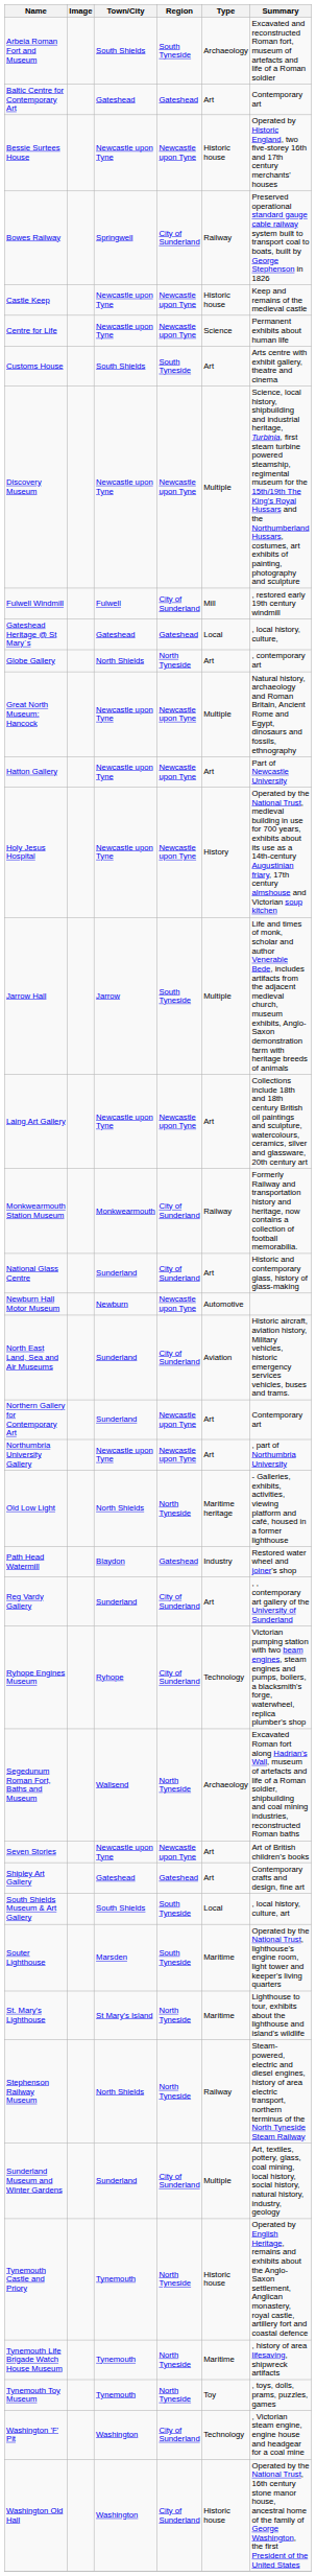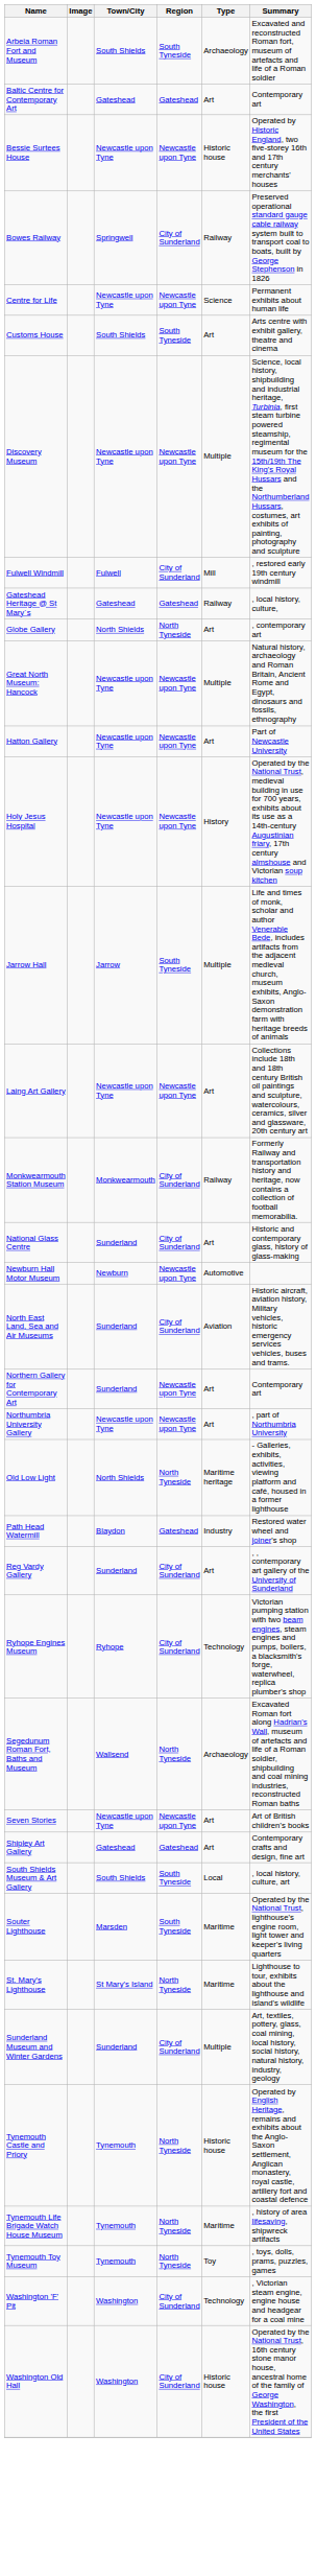 <table class="wikitable sortable">
 <tr>
 <th>Name</th>
 <th>Image</th>
 <th>Town/City</th>
 <th>Region</th>
 <th>Type</th>
 <th>Summary</th>
 </tr>
 <tr>
 <td><a href='#'>Arbeia Roman Fort and Museum</a></td>
 <td></td>
 <td><a href='#'>South Shields</a></td>
 <td><a href='#'>South Tyneside</a></td>
 <td>Archaeology</td>
 <td>Excavated and reconstructed Roman fort, museum of artefacts and life of a Roman soldier</td>
 </tr>
 <tr>
 <td><a href='#'>Baltic Centre for Contemporary Art</a></td>
 <td></td>
 <td><a href='#'>Gateshead</a></td>
 <td><a href='#'>Gateshead</a></td>
 <td>Art</td>
 <td>Contemporary art</td>
 </tr>
 <tr>
 <td><a href='#'>Bessie Surtees House</a></td>
 <td></td>
 <td><a href='#'>Newcastle upon Tyne</a></td>
 <td><a href='#'>Newcastle upon Tyne</a></td>
 <td>Historic house</td>
 <td>Operated by <a href='#'>Historic England</a>, two five-storey 16th and 17th century merchants' houses</td>
 </tr>
 <tr>
 <td><a href='#'>Bowes Railway</a></td>
 <td></td>
 <td><a href='#'>Springwell</a></td>
 <td><a href='#'>City of Sunderland</a></td>
 <td>Railway</td>
 <td>Preserved operational <a href='#'>standard gauge</a> <a href='#'>cable railway</a> system built to transport coal to boats, built by <a href='#'>George Stephenson</a> in 1826</td>
 </tr>
 <tr>
-<td><a href='#'>Castle Keep</a></td>
-<td></td>
-<td><a href='#'>Newcastle upon Tyne</a></td>
-<td><a href='#'>Newcastle upon Tyne</a></td>
-<td>Historic house</td>
-<td>Keep and remains of the medieval castle</td>
-</tr>
-<tr>
 <td><a href='#'>Centre for Life</a></td>
 <td></td>
 <td><a href='#'>Newcastle upon Tyne</a></td>
 <td><a href='#'>Newcastle upon Tyne</a></td>
 <td>Science</td>
 <td>Permanent exhibits about human life</td>
 </tr>
 <tr>
 <td><a href='#'>Customs House</a></td>
 <td></td>
 <td><a href='#'>South Shields</a></td>
 <td><a href='#'>South Tyneside</a></td>
 <td>Art</td>
 <td>Arts centre with exhibit gallery, theatre and cinema</td>
 </tr>
 <tr>
 <td><a href='#'>Discovery Museum</a></td>
 <td></td>
 <td><a href='#'>Newcastle upon Tyne</a></td>
 <td><a href='#'>Newcastle upon Tyne</a></td>
 <td>Multiple</td>
 <td>Science, local history, shipbuilding and industrial heritage, <em><a href='#'>Turbinia</a></em>, first steam turbine powered steamship, regimental museum for the <a href='#'>15th/19th The King's Royal Hussars</a> and the <a href='#'>Northumberland Hussars</a>, costumes, art exhibits of painting, photography and sculpture</td>
 </tr>
 <tr>
 <td><a href='#'>Fulwell Windmill</a></td>
 <td></td>
 <td><a href='#'>Fulwell</a></td>
 <td><a href='#'>City of Sunderland</a></td>
 <td>Mill</td>
 <td>, restored early 19th century windmill</td>
 </tr>
 <tr>
 <td><a href='#'>Gateshead Heritage @ St Mary`s</a></td>
 <td></td>
 <td><a href='#'>Gateshead</a></td>
 <td><a href='#'>Gateshead</a></td>
-<td>Local</td>
+<td>Railway</td>
 <td>, local history, culture,</td>
 </tr>
 <tr>
 <td><a href='#'>Globe Gallery</a></td>
 <td></td>
 <td><a href='#'>North Shields</a></td>
 <td><a href='#'>North Tyneside</a></td>
 <td>Art</td>
 <td>, contemporary art</td>
 </tr>
 <tr>
 <td><a href='#'>Great North Museum: Hancock</a></td>
 <td></td>
 <td><a href='#'>Newcastle upon Tyne</a></td>
 <td><a href='#'>Newcastle upon Tyne</a></td>
 <td>Multiple</td>
 <td>Natural history, archaeology and Roman Britain, Ancient Rome and Egypt, dinosaurs and fossils, ethnography</td>
 </tr>
 <tr>
 <td><a href='#'>Hatton Gallery</a></td>
 <td></td>
 <td><a href='#'>Newcastle upon Tyne</a></td>
 <td><a href='#'>Newcastle upon Tyne</a></td>
 <td>Art</td>
 <td>Part of <a href='#'>Newcastle University</a></td>
 </tr>
 <tr>
 <td><a href='#'>Holy Jesus Hospital</a></td>
 <td></td>
 <td><a href='#'>Newcastle upon Tyne</a></td>
 <td><a href='#'>Newcastle upon Tyne</a></td>
 <td>History</td>
 <td>Operated by the <a href='#'>National Trust</a>, medieval building in use for 700 years, exhibits about its use as a 14th-century <a href='#'>Augustinian</a> <a href='#'>friary</a>, 17th century <a href='#'>almshouse</a> and Victorian <a href='#'>soup kitchen</a></td>
 </tr>
 <tr>
 <td><a href='#'>Jarrow Hall</a></td>
 <td></td>
 <td><a href='#'>Jarrow</a></td>
 <td><a href='#'>South Tyneside</a></td>
 <td>Multiple</td>
 <td>Life and times of monk, scholar and author <a href='#'>Venerable Bede</a>, includes artifacts from the adjacent medieval church, museum exhibits, Anglo-Saxon demonstration farm with heritage breeds of animals</td>
 </tr>
 <tr>
 <td><a href='#'>Laing Art Gallery</a></td>
 <td></td>
 <td><a href='#'>Newcastle upon Tyne</a></td>
 <td><a href='#'>Newcastle upon Tyne</a></td>
 <td>Art</td>
 <td>Collections include 18th and 18th century British oil paintings and sculpture, watercolours, ceramics, silver and glassware, 20th century art</td>
 </tr>
 <tr>
 <td><a href='#'>Monkwearmouth Station Museum</a></td>
 <td></td>
 <td><a href='#'>Monkwearmouth</a></td>
 <td><a href='#'>City of Sunderland</a></td>
 <td>Railway</td>
 <td>Formerly Railway and transportation history and heritage, now contains a collection of football memorabilia.</td>
 </tr>
 <tr>
 <td><a href='#'>National Glass Centre</a></td>
 <td></td>
 <td><a href='#'>Sunderland</a></td>
 <td><a href='#'>City of Sunderland</a></td>
 <td>Art</td>
 <td>Historic and contemporary glass, history of glass-making</td>
 </tr>
 <tr>
 <td><a href='#'>Newburn Hall Motor Museum</a></td>
 <td></td>
 <td><a href='#'>Newburn</a></td>
 <td><a href='#'>Newcastle upon Tyne</a></td>
 <td>Automotive</td>
 <td></td>
 </tr>
 <tr>
 <td><a href='#'>North East Land, Sea and Air Museums</a></td>
 <td></td>
 <td><a href='#'>Sunderland</a></td>
 <td><a href='#'>City of Sunderland</a></td>
 <td>Aviation</td>
 <td>Historic aircraft, aviation history, Military vehicles, historic emergency services vehicles, buses and trams.</td>
 </tr>
 <tr>
 <td><a href='#'>Northern Gallery for Contemporary Art</a></td>
 <td></td>
 <td><a href='#'>Sunderland</a></td>
 <td><a href='#'>Newcastle upon Tyne</a></td>
 <td>Art</td>
 <td>Contemporary art</td>
 </tr>
 <tr>
 <td><a href='#'>Northumbria University Gallery</a></td>
 <td></td>
 <td><a href='#'>Newcastle upon Tyne</a></td>
 <td><a href='#'>Newcastle upon Tyne</a></td>
 <td>Art</td>
 <td>, part of <a href='#'>Northumbria University</a></td>
 </tr>
 <tr>
 <td><a href='#'>Old Low Light</a></td>
 <td></td>
 <td><a href='#'>North Shields</a></td>
 <td><a href='#'>North Tyneside</a></td>
 <td>Maritime heritage</td>
 <td> - Galleries, exhibits, activities, viewing platform and café, housed in a former lighthouse</td>
 </tr>
 <tr>
 <td><a href='#'>Path Head Watermill</a></td>
 <td></td>
 <td><a href='#'>Blaydon</a></td>
 <td><a href='#'>Gateshead</a></td>
 <td>Industry</td>
 <td>Restored water wheel and <a href='#'>joiner</a>'s shop</td>
 </tr>
 <tr>
 <td><a href='#'>Reg Vardy Gallery</a></td>
 <td></td>
 <td><a href='#'>Sunderland</a></td>
 <td><a href='#'>City of Sunderland</a></td>
 <td>Art</td>
 <td>, , contemporary art gallery of the <a href='#'>University of Sunderland</a></td>
 </tr>
 <tr>
 <td><a href='#'>Ryhope Engines Museum</a></td>
 <td></td>
 <td><a href='#'>Ryhope</a></td>
 <td><a href='#'>City of Sunderland</a></td>
 <td>Technology</td>
 <td>Victorian pumping station with two <a href='#'>beam engines</a>, steam engines and pumps, boilers, a blacksmith's forge, waterwheel, replica plumber's shop</td>
 </tr>
 <tr>
 <td><a href='#'>Segedunum Roman Fort, Baths and Museum</a></td>
 <td></td>
 <td><a href='#'>Wallsend</a></td>
 <td><a href='#'>North Tyneside</a></td>
 <td>Archaeology</td>
 <td>Excavated Roman fort along <a href='#'>Hadrian's Wall</a>, museum of artefacts and life of a Roman soldier, shipbuilding and coal mining industries, reconstructed Roman baths</td>
 </tr>
 <tr>
 <td><a href='#'>Seven Stories</a></td>
 <td></td>
 <td><a href='#'>Newcastle upon Tyne</a></td>
 <td><a href='#'>Newcastle upon Tyne</a></td>
 <td>Art</td>
 <td>Art of British children’s books</td>
 </tr>
 <tr>
 <td><a href='#'>Shipley Art Gallery</a></td>
 <td></td>
 <td><a href='#'>Gateshead</a></td>
 <td><a href='#'>Gateshead</a></td>
 <td>Art</td>
 <td>Contemporary crafts and design, fine art</td>
 </tr>
 <tr>
 <td><a href='#'>South Shields Museum & Art Gallery</a></td>
 <td></td>
 <td><a href='#'>South Shields</a></td>
 <td><a href='#'>South Tyneside</a></td>
 <td>Local</td>
 <td>, local history, culture, art</td>
 </tr>
 <tr>
 <td><a href='#'>Souter Lighthouse</a></td>
 <td></td>
 <td><a href='#'>Marsden</a></td>
 <td><a href='#'>South Tyneside</a></td>
 <td>Maritime</td>
 <td>Operated by the <a href='#'>National Trust</a>, lighthouse's engine room, light tower and keeper's living quarters</td>
 </tr>
 <tr>
 <td><a href='#'>St. Mary's Lighthouse</a></td>
 <td></td>
 <td><a href='#'>St Mary's Island</a></td>
 <td><a href='#'>North Tyneside</a></td>
 <td>Maritime</td>
 <td>Lighthouse to tour, exhibits about the lighthouse and island's wildlife</td>
 </tr>
 <tr>
-<td><a href='#'>Stephenson Railway Museum</a></td>
-<td></td>
-<td><a href='#'>North Shields</a></td>
-<td><a href='#'>North Tyneside</a></td>
-<td>Railway</td>
-<td>Steam-powered, electric and diesel engines, history of area electric transport, northern terminus of the <a href='#'>North Tyneside Steam Railway</a></td>
-</tr>
-<tr>
 <td><a href='#'>Sunderland Museum and Winter Gardens</a></td>
 <td></td>
 <td><a href='#'>Sunderland</a></td>
 <td><a href='#'>City of Sunderland</a></td>
 <td>Multiple</td>
 <td>Art, textiles, pottery, glass, coal mining, local history, social history, natural history, industry, geology</td>
 </tr>
 <tr>
 <td><a href='#'>Tynemouth Castle and Priory</a></td>
 <td></td>
 <td><a href='#'>Tynemouth</a></td>
 <td><a href='#'>North Tyneside</a></td>
 <td>Historic house</td>
 <td>Operated by <a href='#'>English Heritage</a>, remains and exhibits about the Anglo-Saxon settlement, Anglican monastery, royal castle, artillery fort and coastal defence</td>
 </tr>
 <tr>
 <td><a href='#'>Tynemouth Life Brigade Watch House Museum</a></td>
 <td></td>
 <td><a href='#'>Tynemouth</a></td>
 <td><a href='#'>North Tyneside</a></td>
 <td>Maritime</td>
 <td>, history of area <a href='#'>lifesaving</a>, shipwreck artifacts</td>
 </tr>
 <tr>
 <td><a href='#'>Tynemouth Toy Museum</a></td>
 <td></td>
 <td><a href='#'>Tynemouth</a></td>
 <td><a href='#'>North Tyneside</a></td>
 <td>Toy</td>
 <td>, toys, dolls, prams, puzzles, games</td>
 </tr>
 <tr>
 <td><a href='#'>Washington 'F' Pit</a></td>
 <td></td>
 <td><a href='#'>Washington</a></td>
 <td><a href='#'>City of Sunderland</a></td>
 <td>Technology</td>
 <td>, Victorian steam engine, engine house and headgear for a coal mine</td>
 </tr>
 <tr>
 <td><a href='#'>Washington Old Hall</a></td>
 <td></td>
 <td><a href='#'>Washington</a></td>
 <td><a href='#'>City of Sunderland</a></td>
 <td>Historic house</td>
 <td>Operated by the <a href='#'>National Trust</a>, 16th century stone manor house, ancestral home of the family of <a href='#'>George Washington</a>, the first <a href='#'>President of the United States</a></td>
 </tr>
 <tr>
 </tr>
 </table>
